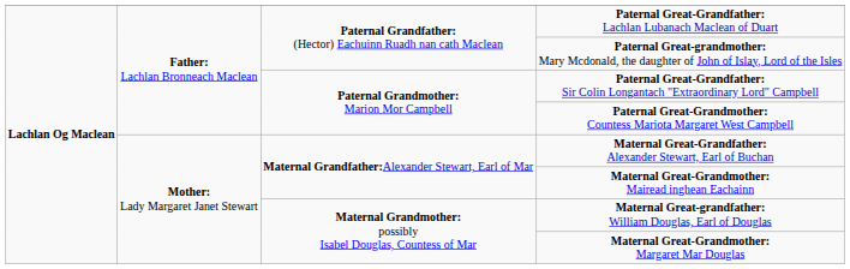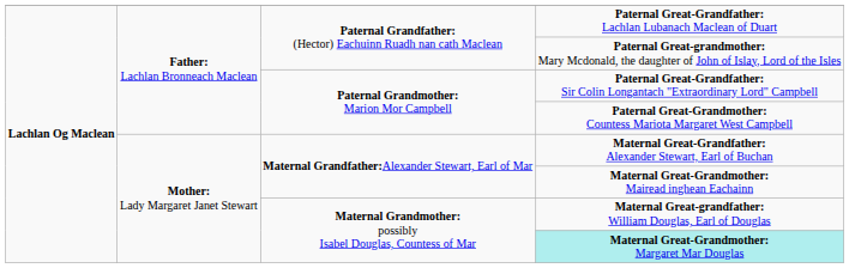 <table class="wikitable" style="margin:1em auto;">
 <tr>
 </tr>
 <tr>
 <td rowspan="8" align="center"><strong>Lachlan Og Maclean</strong></td>
 <td rowspan="4" align="center"><strong>Father:</strong><br><a href='#'>Lachlan Bronneach Maclean</a></td>
 <td rowspan="2" align="center"><strong>Paternal Grandfather:</strong><br> (Hector) <a href='#'>Eachuinn Ruadh nan cath Maclean</a></td>
 <td align="center"><strong>Paternal Great-Grandfather:</strong><br><a href='#'>Lachlan Lubanach Maclean of Duart</a></td>
 </tr>
 <tr>
 <td align="center"><strong>Paternal Great-grandmother:</strong><br>Mary Mcdonald, the daughter of <a href='#'>John of Islay, Lord of the Isles</a></td>
 </tr>
 <tr>
 <td rowspan="2" align="center"><strong>Paternal Grandmother:</strong><br> <a href='#'>Marion Mor Campbell</a></td>
 <td align="center"><strong>Paternal Great-Grandfather:</strong><br> <a href='#'>Sir Colin Longantach "Extraordinary Lord" Campbell</a></td>
 </tr>
 <tr>
 <td align="center"><strong>Paternal Great-Grandmother:</strong><br> <a href='#'>Countess Mariota Margaret West Campbell</a></td>
 </tr>
 <tr>
 <td rowspan="4" align="center"><strong>Mother:</strong><br>Lady Margaret Janet Stewart</td>
 <td rowspan="2" align="center"><strong>Maternal Grandfather:</strong><a href='#'>Alexander Stewart, Earl of Mar</a></td>
 <td align="center"><strong>Maternal Great-Grandfather:</strong><br><a href='#'>Alexander Stewart, Earl of Buchan</a></td>
 </tr>
 <tr>
 <td align="center"><strong>Maternal Great-Grandmother:</strong><br><a href='#'>Mairead inghean Eachainn</a></td>
 </tr>
 <tr>
 <td rowspan="2" align="center"><strong>Maternal Grandmother:</strong><br>possibly<br><a href='#'>Isabel Douglas, Countess of Mar</a></td>
 <td align="center"><strong>Maternal Great-grandfather:</strong><br> <a href='#'>William Douglas, Earl of Douglas</a></td>
 </tr>
 <tr>
-<td align="center"><strong>Maternal Great-Grandmother:</strong><br> <a href='#'>Margaret Mar Douglas</a></td>
+<td align="center" style="background: paleturquoise;"><strong>Maternal Great-Grandmother:</strong><br> <a href='#'>Margaret Mar Douglas</a></td>
 </tr>
 </table>
